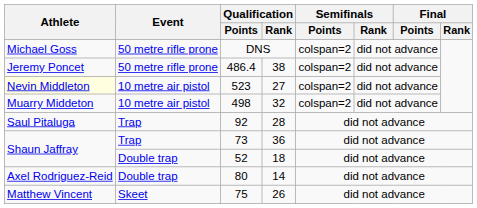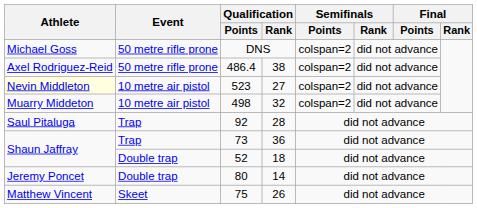 <table class="wikitable" style="font-size:90%">
 <tr>
 <th rowspan=2>Athlete</th>
 <th rowspan=2>Event</th>
 <th colspan=2>Qualification</th>
 <th colspan=2>Semifinals</th>
 <th colspan=2>Final</th>
 </tr>
 <tr style="font-size:95%">
 <th>Points</th>
 <th>Rank</th>
 <th>Points</th>
 <th>Rank</th>
 <th>Points</th>
 <th>Rank</th>
 </tr>
 <tr align=center>
 <td align=left><a href='#'>Michael Goss</a></td>
 <td align=left><a href='#'>50 metre rifle prone</a></td>
 <td colspan=2>DNS</td>
 <td>colspan=2 </td>
 <td colspan=2>did not advance</td>
 </tr>
 <tr align=center>
-<td align=left><a href='#'>Jeremy Poncet</a></td>
+<td align=left><a href='#'>Axel Rodriguez-Reid</a></td>
 <td align=left><a href='#'>50 metre rifle prone</a></td>
 <td>486.4</td>
 <td>38</td>
 <td>colspan=2 </td>
 <td colspan=2>did not advance</td>
 </tr>
 <tr align=center>
 <td align=left style="background: lightyellow;"><a href='#'>Nevin Middleton</a></td>
 <td align=left><a href='#'>10 metre air pistol</a></td>
 <td>523</td>
 <td>27</td>
 <td>colspan=2 </td>
 <td colspan=2>did not advance</td>
 </tr>
 <tr align=center>
 <td align=left><a href='#'>Muarry Middeton</a></td>
 <td align=left><a href='#'>10 metre air pistol</a></td>
 <td>498</td>
 <td>32</td>
 <td>colspan=2 </td>
 <td colspan=2>did not advance</td>
 </tr>
 <tr align=center>
 <td align=left><a href='#'>Saul Pitaluga</a></td>
 <td align=left><a href='#'>Trap</a></td>
 <td>92</td>
 <td>28</td>
 <td colspan=4>did not advance</td>
 </tr>
 <tr align=center>
 <td align=left rowspan=2><a href='#'>Shaun Jaffray</a></td>
 <td align=left><a href='#'>Trap</a></td>
 <td>73</td>
 <td>36</td>
 <td colspan=4>did not advance</td>
 </tr>
 <tr align=center>
 <td align=left><a href='#'>Double trap</a></td>
 <td>52</td>
 <td>18</td>
 <td colspan=4>did not advance</td>
 </tr>
 <tr align=center>
-<td align=left><a href='#'>Axel Rodriguez-Reid</a></td>
+<td align=left><a href='#'>Jeremy Poncet</a></td>
 <td align=left><a href='#'>Double trap</a></td>
 <td>80</td>
 <td>14</td>
 <td colspan=4>did not advance</td>
 </tr>
 <tr align=center>
 <td align=left><a href='#'>Matthew Vincent</a></td>
 <td align=left><a href='#'>Skeet</a></td>
 <td>75</td>
 <td>26</td>
 <td colspan=4>did not advance</td>
 </tr>
 </table>
